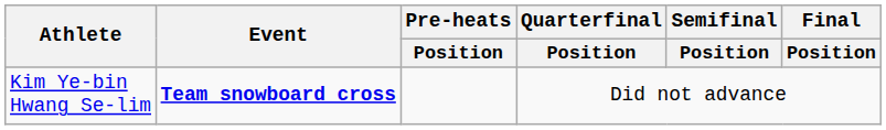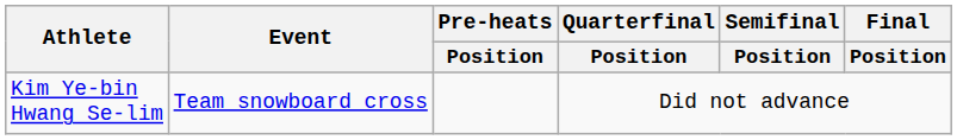 <table class="wikitable" style="font-size:90%">
 <tr>
 <th rowspan="2">Athlete</th>
 <th rowspan="2">Event</th>
 <th>Pre-heats</th>
 <th>Quarterfinal</th>
 <th>Semifinal</th>
 <th>Final</th>
 </tr>
 <tr style="font-size:95%">
 <th>Position</th>
 <th>Position</th>
 <th>Position</th>
 <th>Position</th>
 </tr>
 <tr align=center>
 <td align=left><a href='#'>Kim Ye-bin</a><br><a href='#'>Hwang Se-lim</a></td>
-<td align=left><strong><a href='#'>Team snowboard cross</a></strong></td>
+<td align=left><a href='#'>Team snowboard cross</a></td>
 <td></td>
 <td colspan=3>Did not advance</td>
 </tr>
 </table>
